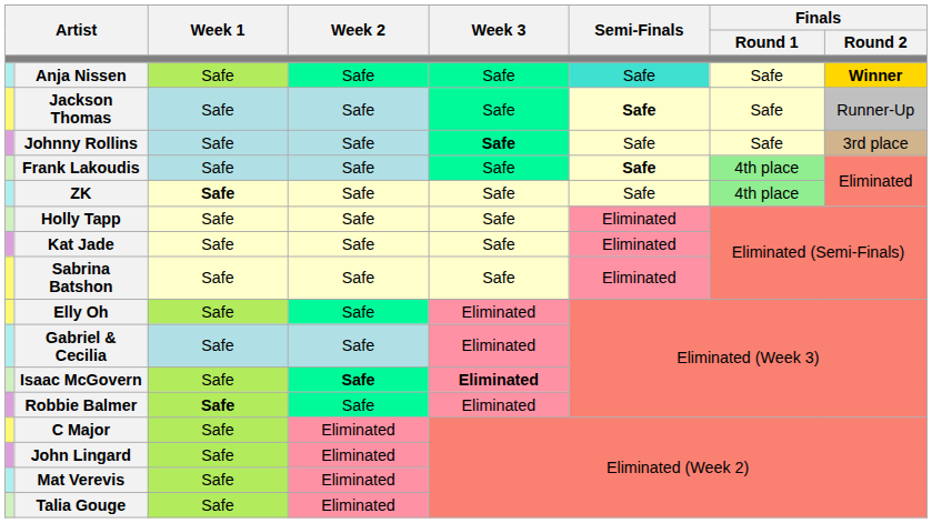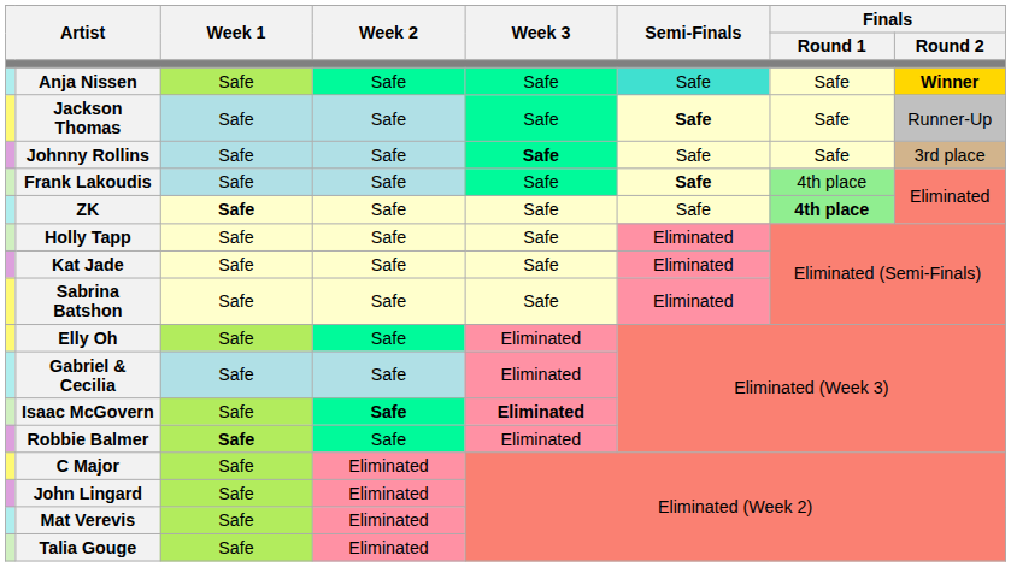 <table class="wikitable"  style="text-align:center; font-size:95%; width:100%;">
 <tr>
 </tr>
 <tr>
 <th style="width:11%;" rowspan="2" colspan="2">Artist</th>
 <th style="width:11%;" rowspan="2">Week 1</th>
 <th style="width:11%;" rowspan="2">Week 2</th>
 <th style="width:11%;" rowspan="2">Week 3</th>
 <th style="width:11%;" rowspan="2">Semi-Finals</th>
 <th style="width:15%;" colspan="2">Finals</th>
 </tr>
 <tr>
 <th style="width:9%">Round 1</th>
 <th style="width:6%">Round 2</th>
 </tr>
 <tr>
 <th colspan="9" style="background:gray;"></th>
 </tr>
 <tr>
 <th style="background:#afeeee;"></th>
 <th>Anja Nissen</th>
 <td style="background:#B2EC5D;">Safe</td>
 <td style="background:#00FA9A;">Safe</td>
 <td style="background:#00FA9A;">Safe</td>
 <td style="background:turquoise;">Safe</td>
 <td style="background:#ffc;">Safe</td>
 <th style="background:gold;">Winner</th>
 </tr>
 <tr>
 <th style="background:#fffa73;"></th>
 <th>Jackson Thomas</th>
 <td style="background:#B0E0E6;">Safe</td>
 <td style="background:#B0E0E6;">Safe</td>
 <td style="background:#00FA9A;">Safe</td>
 <td style="background:#ffc;"><strong>Safe</strong></td>
 <td style="background:#ffc;">Safe</td>
 <td style="background:silver;">Runner-Up</td>
 </tr>
 <tr>
 <th style="background:#dda0dd;"></th>
 <th>Johnny Rollins</th>
 <td style="background:#B0E0E6;">Safe</td>
 <td style="background:#B0E0E6;">Safe</td>
 <td style="background:#00FA9A;"><strong>Safe</strong></td>
 <td style="background:#ffc;">Safe</td>
 <td style="background:#ffc;">Safe</td>
 <td style="background:tan;">3rd place</td>
 </tr>
 <tr>
 <th style="background:#d0f0c0;"></th>
 <th>Frank Lakoudis</th>
 <td style="background:#B0E0E6;">Safe</td>
 <td style="background:#B0E0E6;">Safe</td>
 <td style="background:#00FA9A;">Safe</td>
 <td style="background:#ffc;"><strong>Safe</strong></td>
 <td style="background:lightgreen;">4th place</td>
 <td rowspan="2" colspan="6" style="background:salmon;">Eliminated </td>
 </tr>
 <tr>
 <th style="background:#afeeee;"></th>
 <th>ZK</th>
 <td style="background:#ffc;"><strong>Safe</strong></td>
 <td style="background:#ffc;">Safe</td>
 <td style="background:#ffc;">Safe</td>
 <td style="background:#ffc;">Safe</td>
-<td style="background:lightgreen;">4th place</td>
+<td style="background:lightgreen;"><strong>4th place</strong></td>
 </tr>
 <tr>
 <th style="background:#d0f0c0;"></th>
 <th>Holly Tapp</th>
 <td style="background:#ffc;">Safe</td>
 <td style="background:#ffc;">Safe</td>
 <td style="background:#ffc;">Safe</td>
 <td style="background:#FF91A4;">Eliminated</td>
 <td rowspan="3" colspan="6" style="background:salmon;">Eliminated (Semi-Finals)</td>
 </tr>
 <tr>
 <th style="background:#dda0dd;"></th>
 <th>Kat Jade</th>
 <td style="background:#ffc;">Safe</td>
 <td style="background:#ffc;">Safe</td>
 <td style="background:#ffc;">Safe</td>
 <td style="background:#FF91A4;">Eliminated</td>
 </tr>
 <tr>
 <th style="background:#fffa73;"></th>
 <th>Sabrina Batshon</th>
 <td style="background:#ffc;">Safe</td>
 <td style="background:#ffc;">Safe</td>
 <td style="background:#ffc;">Safe</td>
 <td style="background:#FF91A4;">Eliminated</td>
 </tr>
 <tr>
 <th style="background:#fffa73;"></th>
 <th>Elly Oh</th>
 <td style="background:#B2EC5D;">Safe</td>
 <td style="background:#00FA9A;">Safe</td>
 <td style="background:#FF91A4;">Eliminated</td>
 <td rowspan="4" colspan="6" style="background:salmon;">Eliminated (Week 3)</td>
 </tr>
 <tr>
 <th style="background:#afeeee;"></th>
 <th>Gabriel & Cecilia</th>
 <td style="background:#B0E0E6;">Safe</td>
 <td style="background:#B0E0E6;">Safe</td>
 <td style="background:#FF91A4;">Eliminated</td>
 </tr>
 <tr>
 <th style="background:#d0f0c0;"></th>
 <th>Isaac McGovern</th>
 <td style="background:#B2EC5D;">Safe</td>
 <td style="background:#00FA9A;"><strong>Safe</strong></td>
 <td style="background:#FF91A4;"><strong>Eliminated</strong></td>
 </tr>
 <tr>
 <th style="background:#dda0dd;"></th>
 <th>Robbie Balmer</th>
 <td style="background:#B2EC5D;"><strong>Safe</strong></td>
 <td style="background:#00FA9A;">Safe</td>
 <td style="background:#FF91A4;">Eliminated</td>
 </tr>
 <tr>
 <th style="background:#fffa73;"></th>
 <th>C Major</th>
 <td style="background:#B2EC5D;">Safe</td>
 <td style="background:#FF91A4;">Eliminated</td>
 <td rowspan="4" colspan="6" style="background:salmon;">Eliminated (Week 2)</td>
 </tr>
 <tr>
 <th style="background:#dda0dd;"></th>
 <th>John Lingard</th>
 <td style="background:#B2EC5D;">Safe</td>
 <td style="background:#FF91A4;">Eliminated</td>
 </tr>
 <tr>
 <th style="background:#afeeee;"></th>
 <th>Mat Verevis</th>
 <td style="background:#B2EC5D;">Safe</td>
 <td style="background:#FF91A4;">Eliminated</td>
 </tr>
 <tr>
 <th style="background:#d0f0c0;"></th>
 <th>Talia Gouge</th>
 <td style="background:#B2EC5D;">Safe</td>
 <td style="background:#FF91A4;">Eliminated</td>
 </tr>
 </table>
